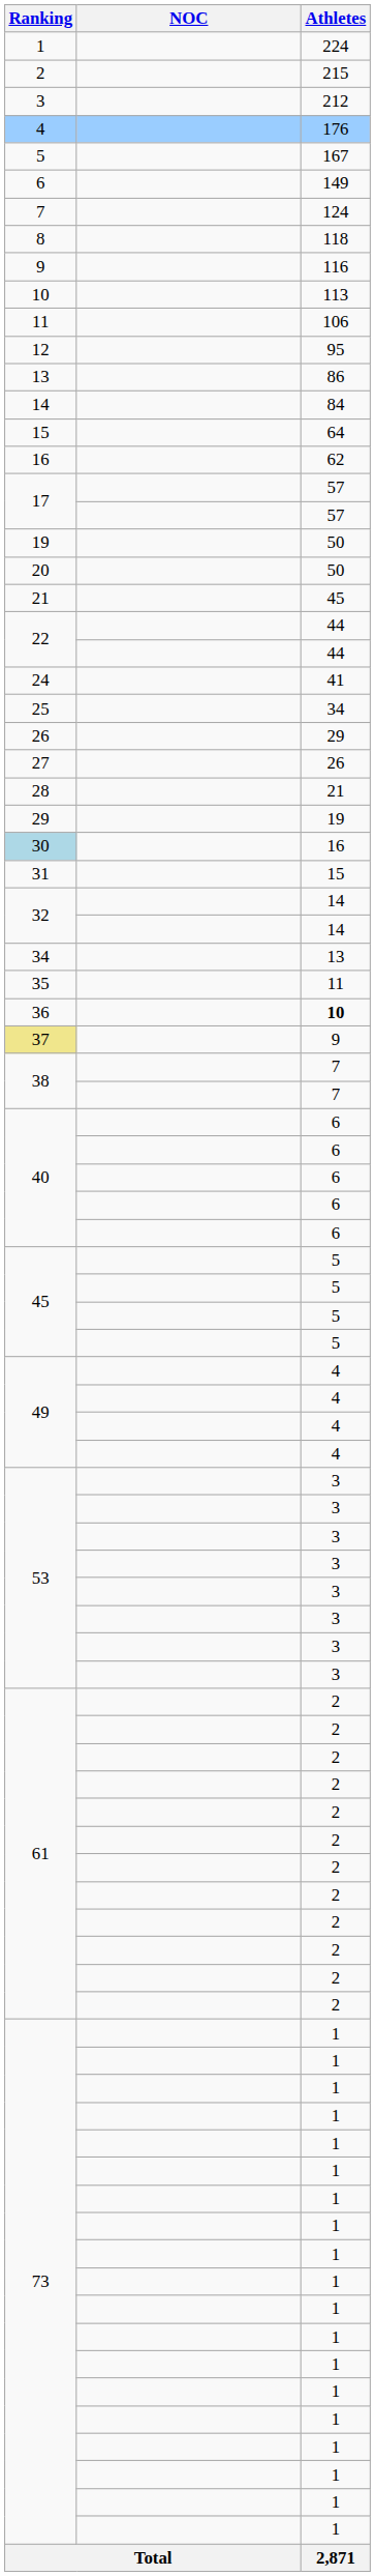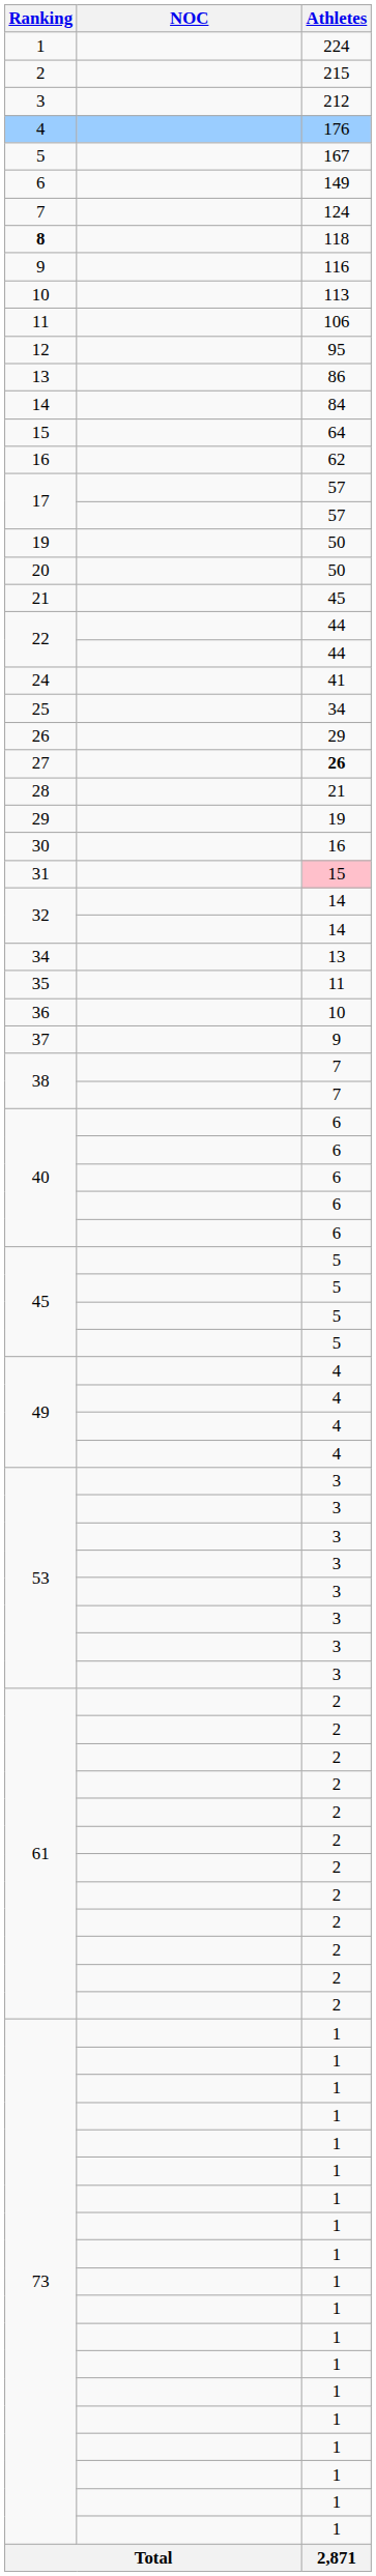 <table class="wikitable collapsible collapsed sortable" style="border:0;">
 <tr>
 <th width=50><a href='#'>Ranking</a></th>
 <th width=200><a href='#'>NOC</a></th>
 <th width=25><a href='#'>Athletes</a></th>
 </tr>
 <tr>
 <td align=center>1</td>
 <td></td>
 <td align=center>224</td>
 </tr>
 <tr>
 <td align=center>2</td>
 <td></td>
 <td align=center>215</td>
 </tr>
 <tr>
 <td align=center>3</td>
 <td></td>
 <td align=center>212</td>
 </tr>
 <tr style="background:#9acdff;">
 <td align=center>4</td>
 <td></td>
 <td align=center>176</td>
 </tr>
 <tr>
 <td align=center>5</td>
 <td></td>
 <td align=center>167</td>
 </tr>
 <tr>
 <td align=center>6</td>
 <td></td>
 <td align=center>149</td>
 </tr>
 <tr>
 <td align=center>7</td>
 <td></td>
 <td align=center>124</td>
 </tr>
 <tr>
-<td align=center>8</td>
+<td align=center><strong>8</strong></td>
 <td></td>
 <td align=center>118</td>
 </tr>
 <tr>
 <td align=center>9</td>
 <td></td>
 <td align=center>116</td>
 </tr>
 <tr>
 <td align=center>10</td>
 <td></td>
 <td align=center>113</td>
 </tr>
 <tr>
 <td align=center>11</td>
 <td></td>
 <td align=center>106</td>
 </tr>
 <tr>
 <td align=center>12</td>
 <td></td>
 <td align=center>95</td>
 </tr>
 <tr>
 <td align=center>13</td>
 <td></td>
 <td align=center>86</td>
 </tr>
 <tr>
 <td align=center>14</td>
 <td></td>
 <td align=center>84</td>
 </tr>
 <tr>
 <td align=center>15</td>
 <td></td>
 <td align=center>64</td>
 </tr>
 <tr>
 <td align=center>16</td>
 <td></td>
 <td align=center>62</td>
 </tr>
 <tr>
 <td style="text-align:center;" rowspan="2">17</td>
 <td></td>
 <td align=center>57</td>
 </tr>
 <tr>
 <td></td>
 <td align=center>57</td>
 </tr>
 <tr>
 <td align=center>19</td>
 <td></td>
 <td align=center>50</td>
 </tr>
 <tr>
 <td align=center>20</td>
 <td></td>
 <td align=center>50</td>
 </tr>
 <tr>
 <td align=center>21</td>
 <td></td>
 <td align=center>45</td>
 </tr>
 <tr>
 <td style="text-align:center;" rowspan="2">22</td>
 <td></td>
 <td align=center>44</td>
 </tr>
 <tr>
 <td></td>
 <td align=center>44</td>
 </tr>
 <tr>
 <td align=center>24</td>
 <td></td>
 <td align=center>41</td>
 </tr>
 <tr>
 <td align=center>25</td>
 <td></td>
 <td align=center>34</td>
 </tr>
 <tr>
 <td align=center>26</td>
 <td></td>
 <td align=center>29</td>
 </tr>
 <tr>
 <td align=center>27</td>
 <td></td>
-<td align=center>26</td>
+<td align=center><strong>26</strong></td>
 </tr>
 <tr>
 <td align=center>28</td>
 <td></td>
 <td align=center>21</td>
 </tr>
 <tr>
 <td align=center>29</td>
 <td></td>
 <td align=center>19</td>
 </tr>
 <tr>
-<td align=center style="background: lightblue;">30</td>
+<td align=center>30</td>
 <td></td>
 <td align=center>16</td>
 </tr>
 <tr>
 <td align=center>31</td>
 <td></td>
-<td align=center>15</td>
+<td align=center style="background: pink;">15</td>
 </tr>
 <tr>
 <td style="text-align:center;" rowspan="2">32</td>
 <td></td>
 <td align=center>14</td>
 </tr>
 <tr>
 <td></td>
 <td align=center>14</td>
 </tr>
 <tr>
 <td align=center>34</td>
 <td></td>
 <td align=center>13</td>
 </tr>
 <tr>
 <td align=center>35</td>
 <td></td>
 <td align=center>11</td>
 </tr>
 <tr>
 <td align=center>36</td>
 <td></td>
-<td align=center><strong>10</strong></td>
+<td align=center>10</td>
 </tr>
 <tr>
-<td align=center style="background: khaki;">37</td>
+<td align=center>37</td>
 <td></td>
 <td align=center>9</td>
 </tr>
 <tr>
 <td style="text-align:center;" rowspan="2">38</td>
 <td></td>
 <td align=center>7</td>
 </tr>
 <tr>
 <td></td>
 <td align=center>7</td>
 </tr>
 <tr>
 <td style="text-align:center;" rowspan="5">40</td>
 <td></td>
 <td align=center>6</td>
 </tr>
 <tr>
 <td></td>
 <td align=center>6</td>
 </tr>
 <tr>
 <td></td>
 <td align=center>6</td>
 </tr>
 <tr>
 <td></td>
 <td align=center>6</td>
 </tr>
 <tr>
 <td></td>
 <td align=center>6</td>
 </tr>
 <tr>
 <td style="text-align:center;" rowspan="4">45</td>
 <td></td>
 <td align=center>5</td>
 </tr>
 <tr>
 <td></td>
 <td align=center>5</td>
 </tr>
 <tr>
 <td></td>
 <td align=center>5</td>
 </tr>
 <tr>
 <td></td>
 <td align=center>5</td>
 </tr>
 <tr>
 <td style="text-align:center;" rowspan="4">49</td>
 <td></td>
 <td align=center>4</td>
 </tr>
 <tr>
 <td></td>
 <td align=center>4</td>
 </tr>
 <tr>
 <td></td>
 <td align=center>4</td>
 </tr>
 <tr>
 <td></td>
 <td align=center>4</td>
 </tr>
 <tr>
 <td rowspan="8" style="text-align:center;">53</td>
 <td></td>
 <td align=center>3</td>
 </tr>
 <tr>
 <td></td>
 <td align=center>3</td>
 </tr>
 <tr>
 <td></td>
 <td align=center>3</td>
 </tr>
 <tr>
 <td></td>
 <td align=center>3</td>
 </tr>
 <tr>
 <td></td>
 <td align=center>3</td>
 </tr>
 <tr>
 <td></td>
 <td align=center>3</td>
 </tr>
 <tr>
 <td></td>
 <td align=center>3</td>
 </tr>
 <tr>
 <td></td>
 <td align=center>3</td>
 </tr>
 <tr>
 <td style="text-align:center;" rowspan="12">61</td>
 <td></td>
 <td align=center>2</td>
 </tr>
 <tr>
 <td></td>
 <td align=center>2</td>
 </tr>
 <tr>
 <td></td>
 <td align=center>2</td>
 </tr>
 <tr>
 <td></td>
 <td align=center>2</td>
 </tr>
 <tr>
 <td></td>
 <td align=center>2</td>
 </tr>
 <tr>
 <td></td>
 <td align=center>2</td>
 </tr>
 <tr>
 <td></td>
 <td align=center>2</td>
 </tr>
 <tr>
 <td></td>
 <td align=center>2</td>
 </tr>
 <tr>
 <td></td>
 <td align=center>2</td>
 </tr>
 <tr>
 <td></td>
 <td align=center>2</td>
 </tr>
 <tr>
 <td></td>
 <td align=center>2</td>
 </tr>
 <tr>
 <td></td>
 <td align=center>2</td>
 </tr>
 <tr>
 <td style="text-align:center;" rowspan="19">73</td>
 <td></td>
 <td align=center>1</td>
 </tr>
 <tr>
 <td></td>
 <td align=center>1</td>
 </tr>
 <tr>
 <td></td>
 <td align=center>1</td>
 </tr>
 <tr>
 <td></td>
 <td align=center>1</td>
 </tr>
 <tr>
 <td></td>
 <td align=center>1</td>
 </tr>
 <tr>
 <td></td>
 <td align=center>1</td>
 </tr>
 <tr>
 <td></td>
 <td align=center>1</td>
 </tr>
 <tr>
 <td></td>
 <td align=center>1</td>
 </tr>
 <tr>
 <td></td>
 <td align=center>1</td>
 </tr>
 <tr>
 <td></td>
 <td align=center>1</td>
 </tr>
 <tr>
 <td></td>
 <td align=center>1</td>
 </tr>
 <tr>
 <td></td>
 <td align=center>1</td>
 </tr>
 <tr>
 <td></td>
 <td align=center>1</td>
 </tr>
 <tr>
 <td></td>
 <td align=center>1</td>
 </tr>
 <tr>
 <td></td>
 <td align=center>1</td>
 </tr>
 <tr>
 <td></td>
 <td align=center>1</td>
 </tr>
 <tr>
 <td></td>
 <td align=center>1</td>
 </tr>
 <tr>
 <td></td>
 <td align=center>1</td>
 </tr>
 <tr>
 <td></td>
 <td align=center>1</td>
 </tr>
 <tr>
 <th colspan=2>Total</th>
 <th>2,871</th>
 </tr>
 </table>
